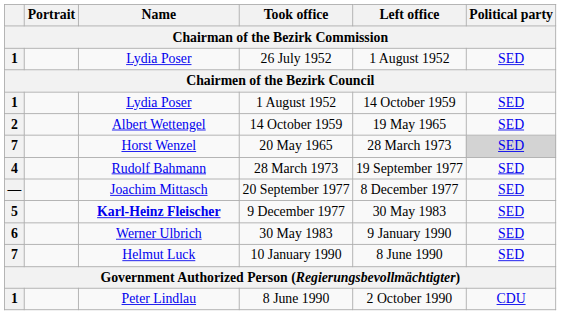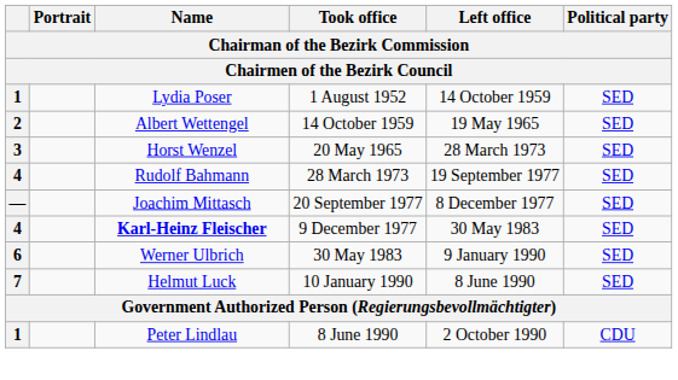 <table class="wikitable" style="text-align:center">
 <tr>
 <th></th>
 <th>Portrait</th>
 <th width=180>Name<br></th>
 <th>Took office</th>
 <th>Left office</th>
 <th>Political party</th>
 </tr>
 <tr>
 <th colspan=6>Chairman of the Bezirk Commission</th>
-</tr>
-<tr>
-<th style="background:">1</th>
-<td></td>
-<td><a href='#'>Lydia Poser</a><br></td>
-<td>26 July 1952</td>
-<td>1 August 1952</td>
-<td><a href='#'>SED</a></td>
 </tr>
 <tr>
 <th colspan=6>Chairmen of the Bezirk Council</th>
 </tr>
 <tr>
 <th style="background:">1</th>
 <td></td>
 <td><a href='#'>Lydia Poser</a><br></td>
 <td>1 August 1952</td>
 <td>14 October 1959</td>
 <td><a href='#'>SED</a></td>
 </tr>
 <tr>
 <th style="background:">2</th>
 <td></td>
 <td><a href='#'>Albert Wettengel</a><br></td>
 <td>14 October 1959</td>
 <td>19 May 1965</td>
 <td><a href='#'>SED</a></td>
 </tr>
 <tr>
-<th style="background:">7</th>
+<th style="background:">3</th>
 <td></td>
 <td><a href='#'>Horst Wenzel</a><br></td>
 <td>20 May 1965</td>
 <td>28 March 1973</td>
-<td style="background: lightgrey;"><a href='#'>SED</a></td>
+<td><a href='#'>SED</a></td>
 </tr>
 <tr>
 <th style="background:">4</th>
 <td></td>
 <td><a href='#'>Rudolf Bahmann</a><br></td>
 <td>28 March 1973</td>
 <td>19 September 1977</td>
 <td><a href='#'>SED</a></td>
 </tr>
 <tr>
 <th style="background:">—</th>
 <td></td>
 <td><a href='#'>Joachim Mittasch</a><br></td>
 <td>20 September 1977</td>
 <td>8 December 1977</td>
 <td><a href='#'>SED</a></td>
 </tr>
 <tr>
-<th style="background:">5</th>
+<th style="background:">4</th>
 <td></td>
 <td><strong><a href='#'>Karl-Heinz Fleischer</a><br></strong></td>
 <td>9 December 1977</td>
 <td>30 May 1983</td>
 <td><a href='#'>SED</a></td>
 </tr>
 <tr>
 <th style="background:">6</th>
 <td></td>
 <td><a href='#'>Werner Ulbrich</a><br></td>
 <td>30 May 1983</td>
 <td>9 January 1990</td>
 <td><a href='#'>SED</a></td>
 </tr>
 <tr>
 <th style="background:">7</th>
 <td></td>
 <td><a href='#'>Helmut Luck</a><br></td>
 <td>10 January 1990</td>
 <td>8 June 1990</td>
 <td><a href='#'>SED</a></td>
 </tr>
 <tr>
 <th colspan=6>Government Authorized Person (<em>Regierungsbevollmächtigter</em>)</th>
 </tr>
 <tr>
 <th style="background:">1</th>
 <td></td>
 <td><a href='#'>Peter Lindlau</a></td>
 <td>8 June 1990</td>
 <td>2 October 1990</td>
 <td><a href='#'>CDU</a></td>
 </tr>
 </table>
